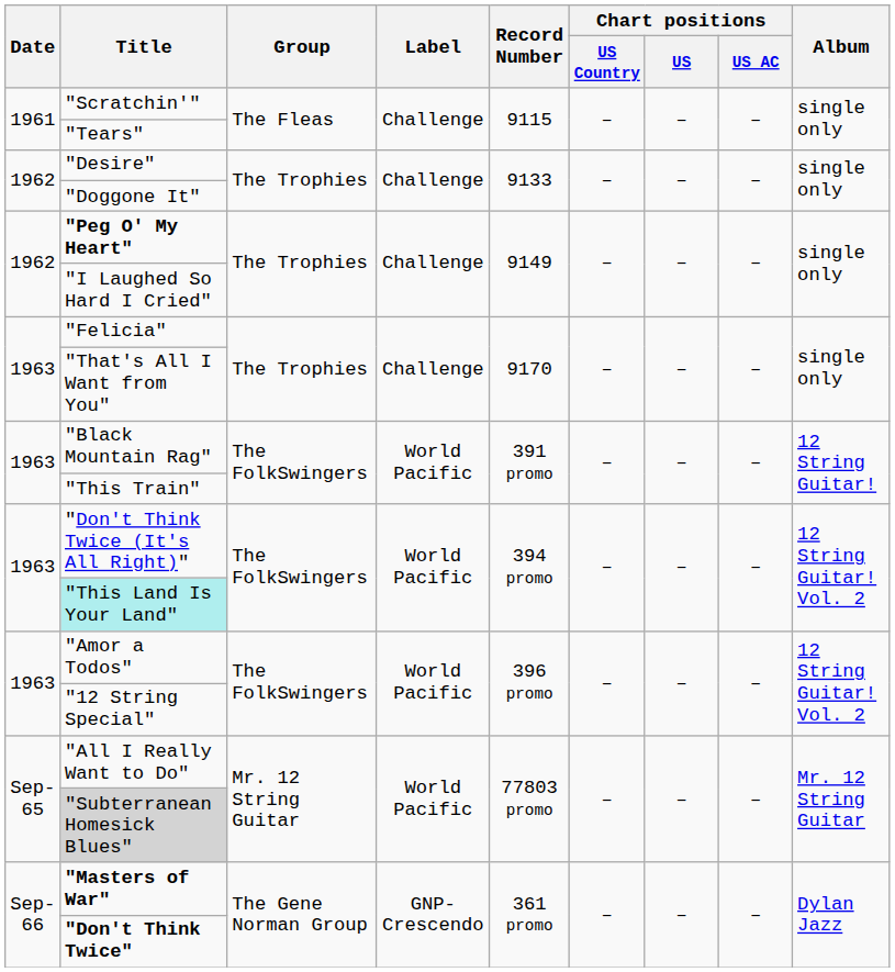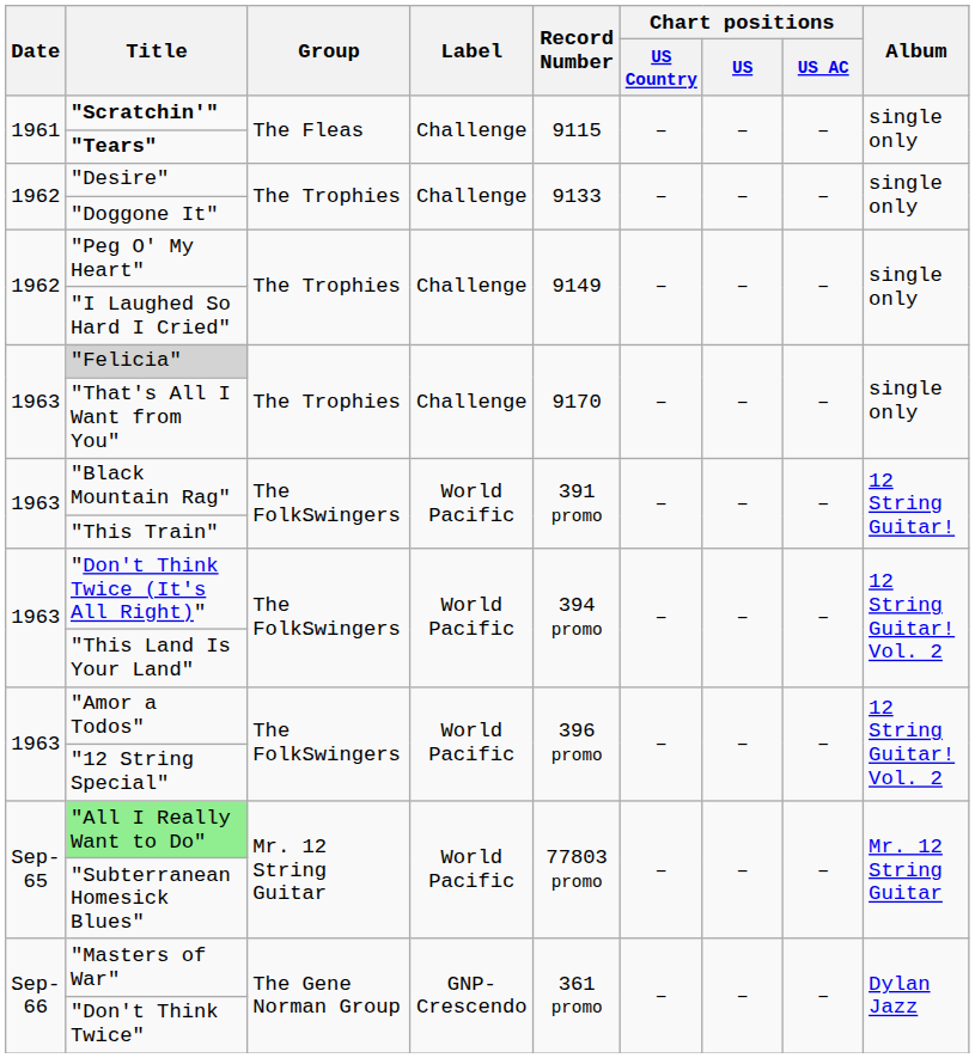 <table class="wikitable">
 <tr>
 <th rowspan="2">Date</th>
 <th rowspan="2">Title</th>
 <th rowspan="2">Group</th>
 <th rowspan="2">Label</th>
 <th rowspan="2">Record Number</th>
 <th colspan="3">Chart positions</th>
 <th rowspan="2">Album</th>
 </tr>
 <tr>
 <th width="45" rowspan="1"><small><a href='#'>US Country</a></small></th>
 <th width="45" rowspan="1"><small><a href='#'>US</a></small></th>
 <th width="45" rowspan="1"><small><a href='#'>US AC</a></small></th>
 </tr>
 <tr>
 <td align="center" rowspan="2">1961</td>
-<td>"Scratchin'"</td>
+<td><strong>"Scratchin'"</strong></td>
 <td rowspan="2">The Fleas</td>
 <td align="center" rowspan="2">Challenge</td>
 <td align="center" rowspan="2">9115</td>
 <td align="center" rowspan="2">–</td>
 <td align="center" rowspan="2">–</td>
 <td align="center" rowspan="2">–</td>
 <td rowspan="2">single only</td>
 </tr>
 <tr>
-<td>"Tears"</td>
+<td><strong>"Tears"</strong></td>
 </tr>
 <tr>
 <td align="center" rowspan="2">1962</td>
 <td>"Desire"</td>
 <td rowspan="2">The Trophies</td>
 <td align="center" rowspan="2">Challenge</td>
 <td align="center" rowspan="2">9133</td>
 <td align="center" rowspan="2">–</td>
 <td align="center" rowspan="2">–</td>
 <td align="center" rowspan="2">–</td>
 <td rowspan="2">single only</td>
 </tr>
 <tr>
 <td>"Doggone It"</td>
 </tr>
 <tr>
 <td align="center" rowspan="2">1962</td>
-<td><strong>"Peg O' My Heart"</strong></td>
+<td>"Peg O' My Heart"</td>
 <td rowspan="2">The Trophies</td>
 <td align="center" rowspan="2">Challenge</td>
 <td align="center" rowspan="2">9149</td>
 <td align="center" rowspan="2">–</td>
 <td align="center" rowspan="2">–</td>
 <td align="center" rowspan="2">–</td>
 <td rowspan="2">single only</td>
 </tr>
 <tr>
 <td>"I Laughed So Hard I Cried"</td>
 </tr>
 <tr>
 <td align="center" rowspan="2">1963</td>
-<td>"Felicia"</td>
+<td style="background: lightgrey;">"Felicia"</td>
 <td rowspan="2">The Trophies</td>
 <td align="center" rowspan="2">Challenge</td>
 <td align="center" rowspan="2">9170</td>
 <td align="center" rowspan="2">–</td>
 <td align="center" rowspan="2">–</td>
 <td align="center" rowspan="2">–</td>
 <td rowspan="2">single only</td>
 </tr>
 <tr>
 <td>"That's All I Want from You"</td>
 </tr>
 <tr>
 <td align="center" rowspan="2">1963</td>
 <td>"Black Mountain Rag"</td>
 <td rowspan="2">The FolkSwingers</td>
 <td align="center" rowspan="2">World Pacific</td>
 <td align="center" rowspan="2">391<br><small>promo</small></td>
 <td align="center" rowspan="2">–</td>
 <td align="center" rowspan="2">–</td>
 <td align="center" rowspan="2">–</td>
 <td rowspan="2"><a href='#'>12 String Guitar!</a></td>
 </tr>
 <tr>
 <td>"This Train"</td>
 </tr>
 <tr>
 <td align="center" rowspan="2">1963</td>
 <td>"<a href='#'>Don't Think Twice (It's All Right)</a>"</td>
 <td rowspan="2">The FolkSwingers</td>
 <td align="center" rowspan="2">World Pacific</td>
 <td align="center" rowspan="2">394<br><small>promo</small></td>
 <td align="center" rowspan="2">–</td>
 <td align="center" rowspan="2">–</td>
 <td align="center" rowspan="2">–</td>
 <td rowspan="2"><a href='#'>12 String Guitar! Vol. 2</a></td>
 </tr>
 <tr>
-<td style="background: paleturquoise;">"This Land Is Your Land"</td>
+<td>"This Land Is Your Land"</td>
 </tr>
 <tr>
 <td align="center" rowspan="2">1963</td>
 <td>"Amor a Todos"</td>
 <td rowspan="2">The FolkSwingers</td>
 <td align="center" rowspan="2">World Pacific</td>
 <td align="center" rowspan="2">396<br><small>promo</small></td>
 <td align="center" rowspan="2">–</td>
 <td align="center" rowspan="2">–</td>
 <td align="center" rowspan="2">–</td>
 <td rowspan="2"><a href='#'>12 String Guitar! Vol. 2</a></td>
 </tr>
 <tr>
 <td>"12 String Special"</td>
 </tr>
 <tr>
 <td align="center" rowspan="2">Sep-65</td>
-<td>"All I Really Want to Do"</td>
+<td style="background: lightgreen;">"All I Really Want to Do"</td>
 <td rowspan="2">Mr. 12 String Guitar</td>
 <td align="center" rowspan="2">World Pacific</td>
 <td align="center" rowspan="2">77803<br><small>promo</small></td>
 <td align="center" rowspan="2">–</td>
 <td align="center" rowspan="2">–</td>
 <td align="center" rowspan="2">–</td>
 <td rowspan="2"><a href='#'>Mr. 12 String Guitar</a></td>
 </tr>
 <tr>
-<td style="background: lightgrey;">"Subterranean Homesick Blues"</td>
+<td>"Subterranean Homesick Blues"</td>
 </tr>
 <tr>
 <td align="center" rowspan="2">Sep-66</td>
-<td><strong>"Masters of War"</strong></td>
+<td>"Masters of War"</td>
 <td rowspan="2">The Gene Norman Group</td>
 <td align="center" rowspan="2">GNP-Crescendo</td>
 <td align="center" rowspan="2">361<br><small>promo</small></td>
 <td align="center" rowspan="2">–</td>
 <td align="center" rowspan="2">–</td>
 <td align="center" rowspan="2">–</td>
 <td rowspan="2"><a href='#'>Dylan Jazz</a></td>
 </tr>
 <tr>
-<td><strong>"Don't Think Twice"</strong></td>
+<td>"Don't Think Twice"</td>
 </tr>
 </table>
